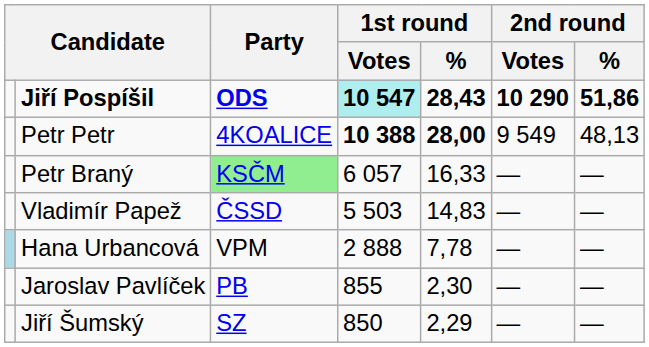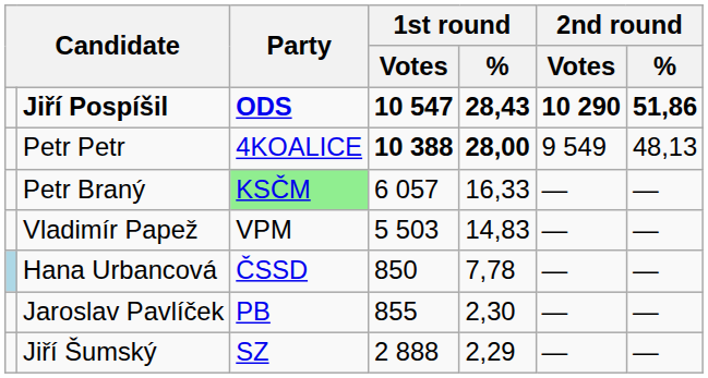 <table class="wikitable sortable">
 <tr>
 <th colspan="2" rowspan="2">Candidate</th>
 <th rowspan="2">Party</th>
 <th colspan="2">1st round</th>
 <th colspan="2">2nd round</th>
 </tr>
 <tr>
 <th>Votes</th>
 <th>%</th>
 <th>Votes</th>
 <th>%</th>
 </tr>
 <tr>
 <td style="background-color:"></td>
 <td><strong>Jiří Pospíšil</strong></td>
 <td><a href='#'><strong>ODS</strong></a></td>
-<td style="background: paleturquoise;"><strong>10 547</strong></td>
+<td><strong>10 547</strong></td>
 <td><strong>28,43</strong></td>
 <td><strong>10 290</strong></td>
 <td><strong>51,86</strong></td>
 </tr>
 <tr>
 <td style="background-color:"></td>
 <td>Petr Petr</td>
 <td><a href='#'>4KOALICE</a></td>
 <td><strong>10 388</strong></td>
 <td><strong>28,00</strong></td>
 <td>9 549</td>
 <td>48,13</td>
 </tr>
 <tr>
 <td style="background-color:"></td>
 <td>Petr Braný</td>
 <td style="background: lightgreen;"><a href='#'>KSČM</a></td>
 <td>6 057</td>
 <td>16,33</td>
 <td>—</td>
 <td>—</td>
 </tr>
 <tr>
 <td style="background-color:"></td>
 <td>Vladimír Papež</td>
-<td><a href='#'>ČSSD</a></td>
+<td>VPM</td>
 <td>5 503</td>
 <td>14,83</td>
 <td>—</td>
 <td>—</td>
 </tr>
 <tr>
 <td style="background-color:lightblue;"></td>
 <td>Hana Urbancová</td>
-<td>VPM</td>
-<td>2 888</td>
+<td><a href='#'>ČSSD</a></td>
+<td>850</td>
 <td>7,78</td>
 <td>—</td>
 <td>—</td>
 </tr>
 <tr>
 <td style="background-color:"></td>
 <td>Jaroslav Pavlíček</td>
 <td><a href='#'>PB</a></td>
 <td>855</td>
 <td>2,30</td>
 <td>—</td>
 <td>—</td>
 </tr>
 <tr>
 <td style="background-color:"></td>
 <td>Jiří Šumský</td>
 <td><a href='#'>SZ</a></td>
-<td>850</td>
+<td>2 888</td>
 <td>2,29</td>
 <td>—</td>
 <td>—</td>
 </tr>
 </table>
